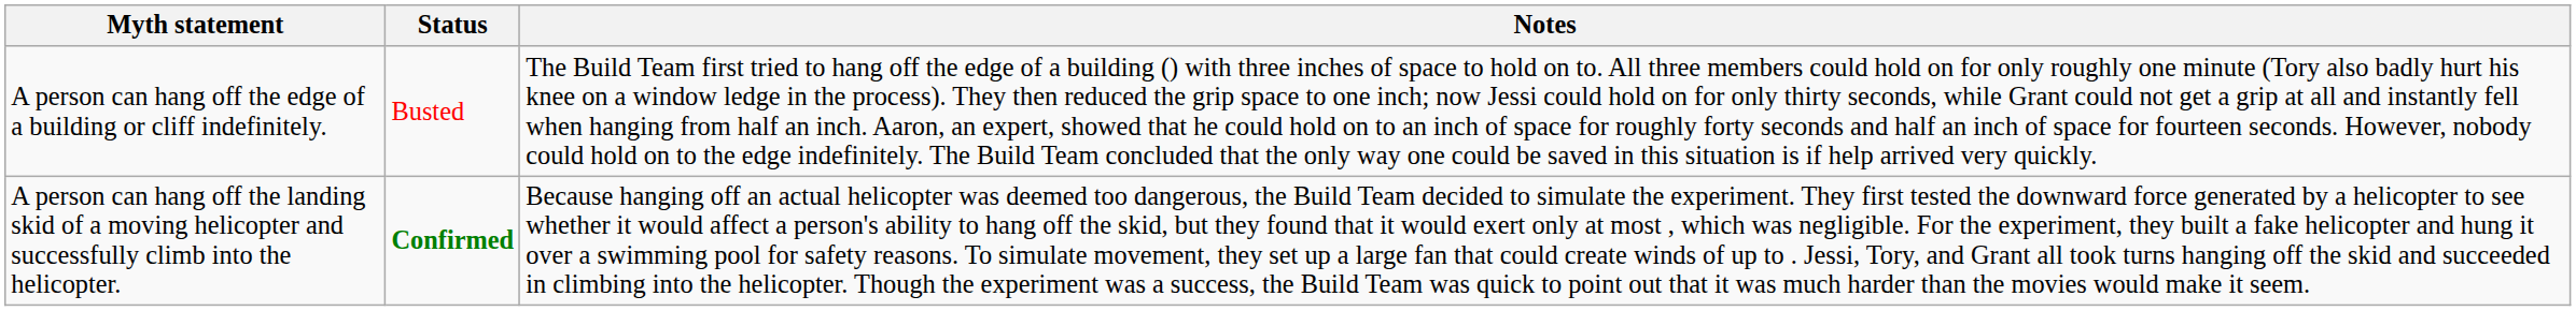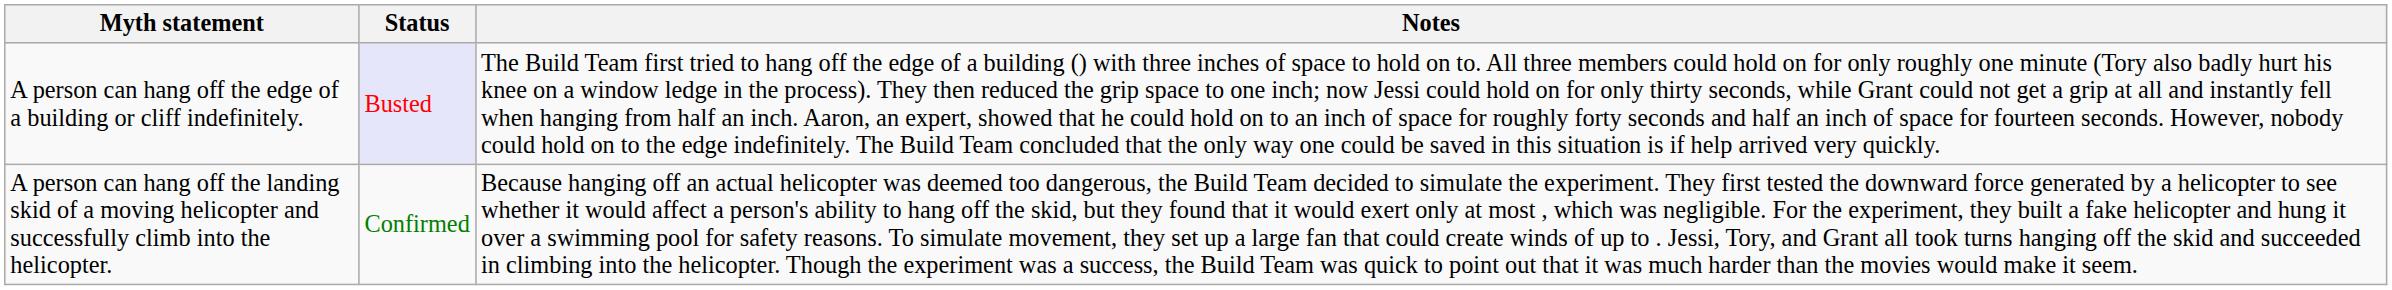 <table class="wikitable plainrowheaders">
 <tr>
 <th>Myth statement</th>
 <th>Status</th>
 <th>Notes</th>
 </tr>
 <tr>
 <td>A person can hang off the edge of a building or cliff indefinitely.</td>
-<td style="color:red">Busted</td>
+<td style="background: lavender; color:red">Busted</td>
 <td>The Build Team first tried to hang off the edge of a building () with three inches of space to hold on to. All three members could hold on for only roughly one minute (Tory also badly hurt his knee on a window ledge in the process). They then reduced the grip space to one inch; now Jessi could hold on for only thirty seconds, while Grant could not get a grip at all and instantly fell when hanging from half an inch. Aaron, an expert, showed that he could hold on to an inch of space for roughly forty seconds and half an inch of space for fourteen seconds. However, nobody could hold on to the edge indefinitely. The Build Team concluded that the only way one could be saved in this situation is if help arrived very quickly.</td>
 </tr>
 <tr>
 <td>A person can hang off the landing skid of a moving helicopter and successfully climb into the helicopter.</td>
-<td style="color:green"><strong>Confirmed</strong></td>
+<td style="color:green">Confirmed</td>
 <td>Because hanging off an actual helicopter was deemed too dangerous, the Build Team decided to simulate the experiment. They first tested the downward force generated by a helicopter to see whether it would affect a person's ability to hang off the skid, but they found that it would exert only at most , which was negligible. For the experiment, they built a fake helicopter and hung it over a swimming pool for safety reasons. To simulate movement, they set up a large fan that could create winds of up to . Jessi, Tory, and Grant all took turns hanging off the skid and succeeded in climbing into the helicopter. Though the experiment was a success, the Build Team was quick to point out that it was much harder than the movies would make it seem.</td>
 </tr>
 </table>
